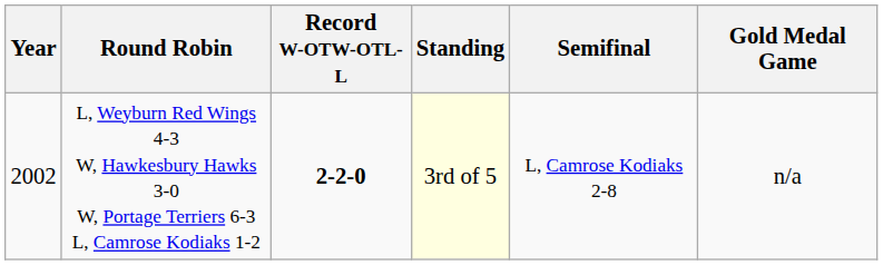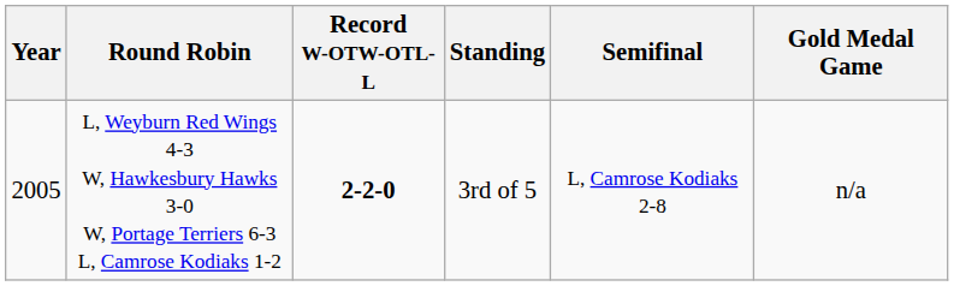 <table class="wikitable" style="text-align:center;">
 <tr>
 <th>Year</th>
 <th>Round Robin</th>
 <th>Record<br><small>W-OTW-OTL-L</small></th>
 <th>Standing</th>
 <th>Semifinal</th>
 <th>Gold Medal Game</th>
 </tr>
 <tr>
-<td>2002</td>
+<td>2005</td>
 <td><small>L, <a href='#'>Weyburn Red Wings</a> 4-3<br>W, <a href='#'>Hawkesbury Hawks</a> 3-0<br>W, <a href='#'>Portage Terriers</a> 6-3<br>L, <a href='#'>Camrose Kodiaks</a> 1-2</small></td>
 <td><strong>2-2-0</strong></td>
-<td style="background: lightyellow;">3rd of 5</td>
+<td>3rd of 5</td>
 <td><small>L, <a href='#'>Camrose Kodiaks</a> 2-8</small></td>
 <td>n/a</td>
 </tr>
 </table>
